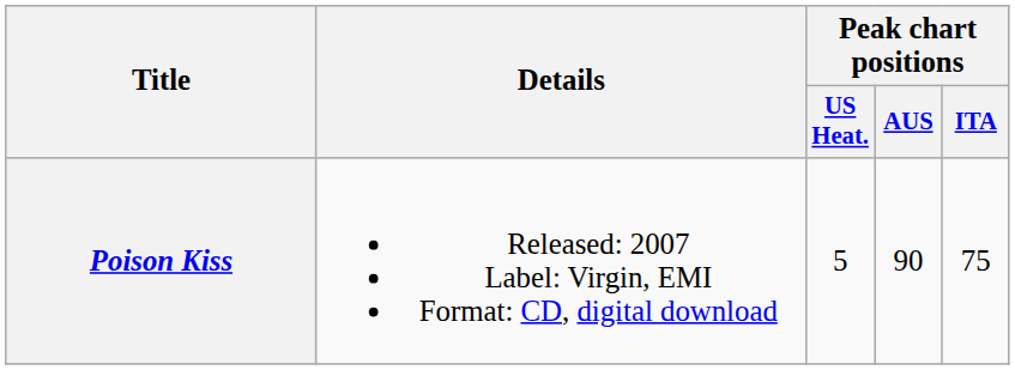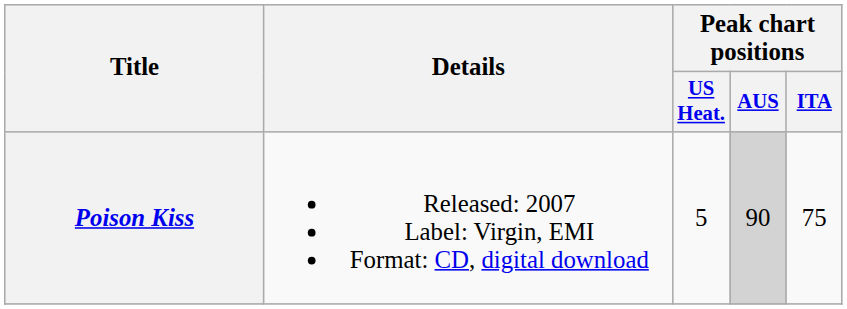 <table class="wikitable plainrowheaders" style="text-align:center;">
 <tr>
 <th scope="col" rowspan="2" style="width:10em;">Title</th>
 <th scope="col" rowspan="2" style="width:16em;">Details</th>
 <th scope="col" colspan="3">Peak chart positions</th>
 </tr>
 <tr style="font-size:smaller;">
 <th width="30"><a href='#'>US<br>Heat.</a><br></th>
 <th width="30"><a href='#'>AUS</a><br></th>
 <th width="30"><a href='#'>ITA</a><br></th>
 </tr>
 <tr>
 <th scope="row"><em><a href='#'>Poison Kiss</a></em></th>
 <td><br><ul><li>Released: 2007</li><li>Label: Virgin, EMI</li><li>Format: <a href='#'>CD</a>, <a href='#'>digital download</a></li></ul></td>
 <td>5</td>
-<td>90</td>
+<td style="background: lightgrey;">90</td>
 <td>75</td>
 </tr>
 </table>
